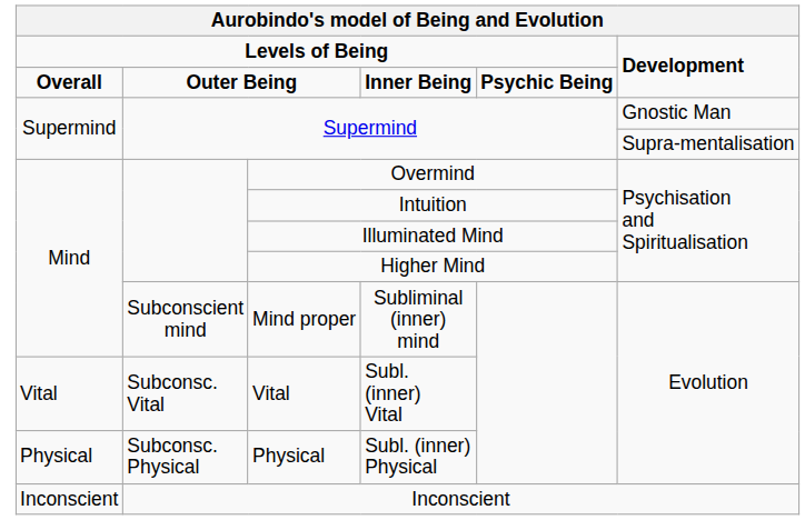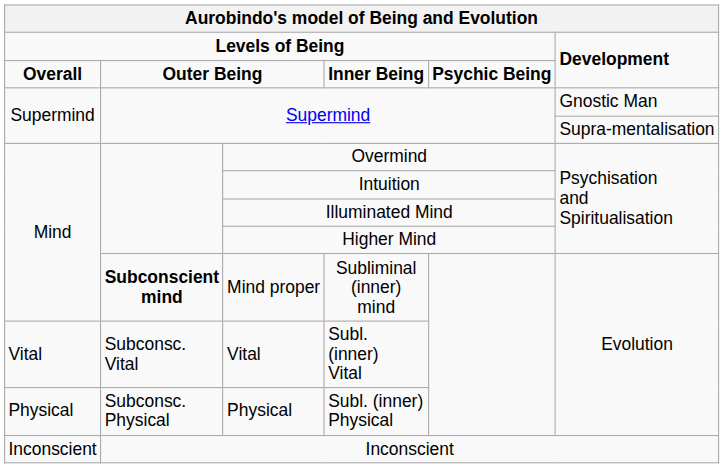 <table class="wikitable collapsible collapsed" style="float:right;">
 <tr>
 <th colspan=6>Aurobindo's model of Being and Evolution</th>
 </tr>
 <tr>
 <td colspan="5" style="text-align:center;"><strong>Levels of Being</strong></td>
 <td rowspan=2><strong>Development</strong></td>
 </tr>
 <tr>
 <td style="text-align:center;"><strong>Overall</strong></td>
 <td style="text-align:center;" colspan="2"><strong>Outer Being</strong></td>
 <td style="text-align:center;"><strong>Inner Being</strong></td>
 <td style="text-align:center;"><strong>Psychic Being</strong></td>
 </tr>
 <tr>
 <td aurobindo-overall rowspan="2" style="text-align:center;">Supermind</td>
 <td aurobindo-oip rowspan="2" colspan="4" style="text-align:center;"><a href='#'>Supermind</a></td>
 <td Aurobindo-Development>Gnostic Man</td>
 </tr>
 <tr>
 <td Aurobindo-Development>Supra-mentalisation</td>
 </tr>
 <tr>
 <td aurobindo-overall rowspan="5" style="text-align:center;">Mind</td>
 <td aurobindo-outer rowspan="4"></td>
 <td aurobindo-ip colspan="3" style="text-align:center;">Overmind</td>
 <td Aurobindo-Development rowspan=4>Psychisation<br>and<br>Spiritualisation</td>
 </tr>
 <tr>
 <td aurobindo-ip colspan="3" style="text-align:center;">Intuition</td>
 </tr>
 <tr>
 <td aurobindo-ip colspan="3" style="text-align:center;">Illuminated Mind</td>
 </tr>
 <tr>
 <td aurobindo-ip colspan="3" style="text-align:center;">Higher Mind</td>
 </tr>
 <tr>
-<td aurobindo-sub style="text-align:center;">Subconscient<br>mind</td>
+<td aurobindo-sub style="text-align:center;"><strong>Subconscient<br>mind</strong></td>
 <td aurobindo-outer style="text-align:center;">Mind proper</td>
 <td aurobindo-i style="text-align:center;">Subliminal<br>(inner)<br>mind</td>
 <td Aurobindo-P rowspan=3></td>
 <td aurobindo-d rowspan="3" style="text-align:center;">Evolution</td>
 </tr>
 <tr>
 <td Aurobindo-Overall>Vital</td>
 <td Aurobindo-Sub>Subconsc.<br>Vital</td>
 <td Aurobindo-Outer>Vital</td>
 <td aurobindo-inner>Subl.<br>(inner)<br>Vital</td>
 </tr>
 <tr>
 <td Aurobindo-Overall>Physical</td>
 <td Aurobindo-sub>Subconsc.<br>Physical</td>
 <td Aurobindo-Outer>Physical</td>
 <td aurobindo-inner>Subl. (inner)<br>Physical</td>
 </tr>
 <tr>
 <td Aurobindo-Overall>Inconscient</td>
 <td aurobindo-soip colspan="5" style="text-align:center;">Inconscient</td>
 </tr>
 </table>
